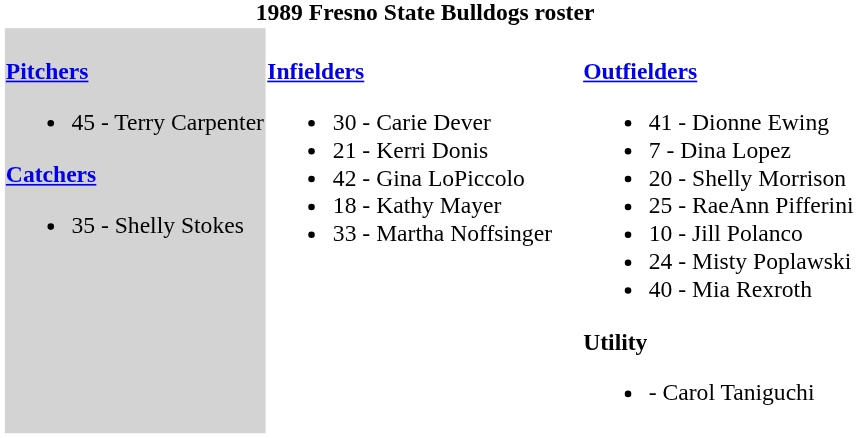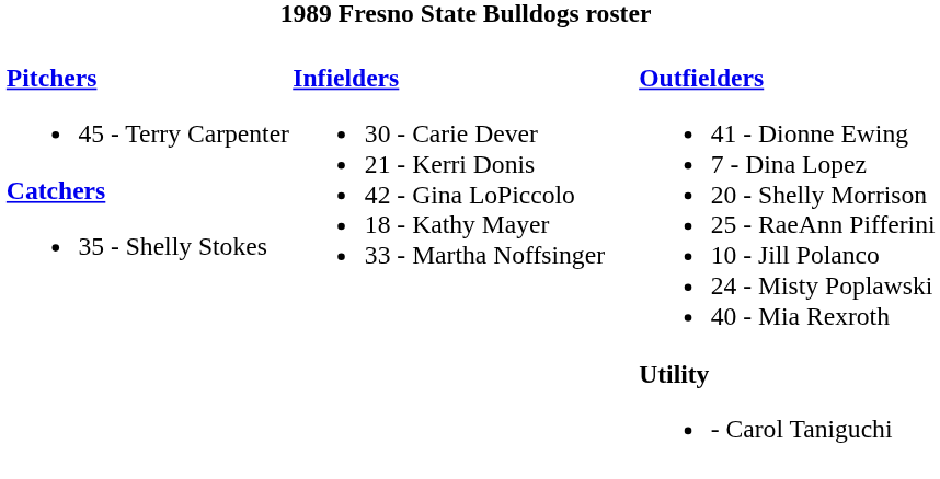 <table class="toccolours" style="border-collapse:collapse; font-size:90%;">
 <tr>
 <th colspan=9>1989 Fresno State Bulldogs roster</th>
 </tr>
 <tr>
 <td width="03"> </td>
-<td valign="top" style="background: lightgrey;"><br><strong><a href='#'>Pitchers</a></strong><ul><li>45 - Terry Carpenter</li></ul><strong><a href='#'>Catchers</a></strong><ul><li>35 - Shelly Stokes</li></ul></td>
+<td valign="top"><br><strong><a href='#'>Pitchers</a></strong><ul><li>45 - Terry Carpenter</li></ul><strong><a href='#'>Catchers</a></strong><ul><li>35 - Shelly Stokes</li></ul></td>
 <td valign="top"><br><strong><a href='#'>Infielders</a></strong><ul><li>30 - Carie Dever</li><li>21 - Kerri Donis</li><li>42 - Gina LoPiccolo</li><li>18 - Kathy Mayer</li><li>33 - Martha Noffsinger</li></ul></td>
 <td width="15"> </td>
 <td valign="top"><br><strong><a href='#'>Outfielders</a></strong><ul><li>41 - Dionne Ewing</li><li>7 - Dina Lopez</li><li>20 - Shelly Morrison</li><li>25 - RaeAnn Pifferini</li><li>10 - Jill Polanco</li><li>24 - Misty Poplawski</li><li>40 - Mia Rexroth</li></ul><strong>Utility</strong><ul><li>- Carol Taniguchi</li></ul></td>
 </tr>
 </table>
